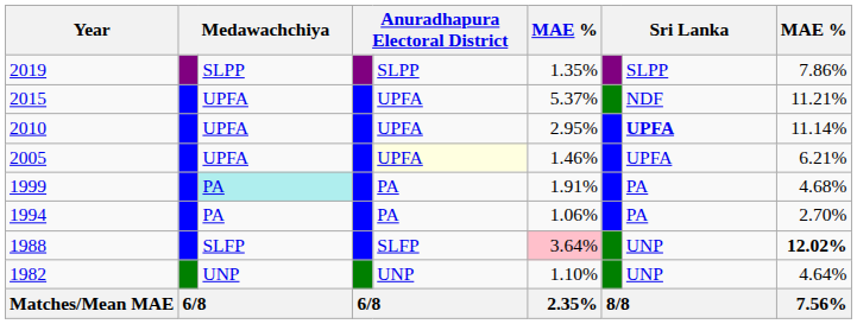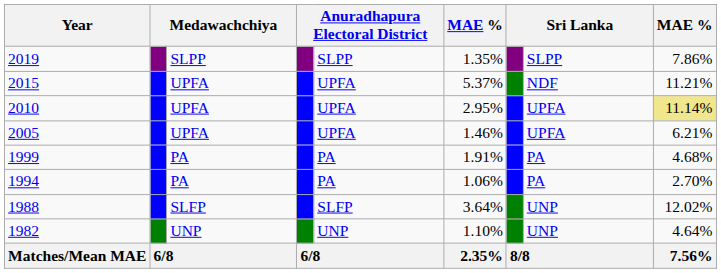 <table class="wikitable">
 <tr>
 <th>Year</th>
 <th colspan="2" width="144px">Medawachchiya</th>
 <th colspan="2" width="144px"><a href='#'>Anuradhapura Electoral District</a></th>
 <th><a href='#'>MAE</a> %</th>
 <th colspan="2" width="144px">Sri Lanka</th>
 <th>MAE %</th>
 </tr>
 <tr>
 <td><a href='#'>2019</a></td>
 <td style="background-color:purple;" width="10px"></td>
 <td style="text-align:left;"><a href='#'>SLPP</a></td>
 <td style="background-color:purple;" width="10px"></td>
 <td style="text-align:left;"><a href='#'>SLPP</a></td>
 <td style="text-align:right;">1.35%</td>
 <td style="background-color:purple;" width="10px"></td>
 <td style="text-align:left;"><a href='#'>SLPP</a></td>
 <td style="text-align:right;">7.86%</td>
 </tr>
 <tr>
 <td><a href='#'>2015</a></td>
 <td style="background-color:blue;" width="10px"></td>
 <td style="text-align:left;"><a href='#'>UPFA</a></td>
 <td style="background-color:blue;" width="10px"></td>
 <td style="text-align:left;"><a href='#'>UPFA</a></td>
 <td style="text-align:right;">5.37%</td>
 <td style="background-color:green;" width="10px"></td>
 <td style="text-align:left;"><a href='#'>NDF</a></td>
 <td style="text-align:right;">11.21%</td>
 </tr>
 <tr>
 <td><a href='#'>2010</a></td>
 <td style="background-color:blue;" width="10px"></td>
 <td style="text-align:left;"><a href='#'>UPFA</a></td>
 <td style="background-color:blue;" width="10px"></td>
 <td style="text-align:left;"><a href='#'>UPFA</a></td>
 <td style="text-align:right;">2.95%</td>
 <td style="background-color:blue;" width="10px"></td>
-<td style="text-align:left;"><strong><a href='#'>UPFA</a></strong></td>
-<td style="text-align:right;">11.14%</td>
+<td style="text-align:left;"><a href='#'>UPFA</a></td>
+<td style="background: khaki; text-align:right;">11.14%</td>
 </tr>
 <tr>
 <td><a href='#'>2005</a></td>
 <td style="background-color:blue;" width="10px"></td>
 <td style="text-align:left;"><a href='#'>UPFA</a></td>
 <td style="background-color:blue;" width="10px"></td>
-<td style="background: lightyellow; text-align:left;"><a href='#'>UPFA</a></td>
+<td style="text-align:left;"><a href='#'>UPFA</a></td>
 <td style="text-align:right;">1.46%</td>
 <td style="background-color:blue;" width="10px"></td>
 <td style="text-align:left;"><a href='#'>UPFA</a></td>
 <td style="text-align:right;">6.21%</td>
 </tr>
 <tr>
 <td><a href='#'>1999</a></td>
 <td style="background-color:blue;" width="10px"></td>
-<td style="background: paleturquoise; text-align:left;"><a href='#'>PA</a></td>
+<td style="text-align:left;"><a href='#'>PA</a></td>
 <td style="background-color:blue;" width="10px"></td>
 <td style="text-align:left;"><a href='#'>PA</a></td>
 <td style="text-align:right;">1.91%</td>
 <td style="background-color:blue;" width="10px"></td>
 <td style="text-align:left;"><a href='#'>PA</a></td>
 <td style="text-align:right;">4.68%</td>
 </tr>
 <tr>
 <td><a href='#'>1994</a></td>
 <td style="background-color:blue;" width="10px"></td>
 <td style="text-align:left;"><a href='#'>PA</a></td>
 <td style="background-color:blue;" width="10px"></td>
 <td style="text-align:left;"><a href='#'>PA</a></td>
 <td style="text-align:right;">1.06%</td>
 <td style="background-color:blue;" width="10px"></td>
 <td style="text-align:left;"><a href='#'>PA</a></td>
 <td style="text-align:right;">2.70%</td>
 </tr>
 <tr>
 <td><a href='#'>1988</a></td>
 <td style="background-color:blue;" width="10px"></td>
 <td style="text-align:left;"><a href='#'>SLFP</a></td>
 <td style="background-color:blue;" width="10px"></td>
 <td style="text-align:left;"><a href='#'>SLFP</a></td>
-<td style="background: pink; text-align:right;">3.64%</td>
+<td style="text-align:right;">3.64%</td>
 <td style="background-color:green;" width="10px"></td>
 <td style="text-align:left;"><a href='#'>UNP</a></td>
-<td style="text-align:right;"><strong>12.02%</strong></td>
+<td style="text-align:right;">12.02%</td>
 </tr>
 <tr>
 <td><a href='#'>1982</a></td>
 <td style="background-color:green;" width="10px"></td>
 <td style="text-align:left;"><a href='#'>UNP</a></td>
 <td style="background-color:green;" width="10px"></td>
 <td style="text-align:left;"><a href='#'>UNP</a></td>
 <td style="text-align:right;">1.10%</td>
 <td style="background-color:green;" width="10px"></td>
 <td style="text-align:left;"><a href='#'>UNP</a></td>
 <td style="text-align:right;">4.64%</td>
 </tr>
 <tr>
 <th>Matches/Mean MAE</th>
 <th style="text-align:left;"colspan="2" width="144px">6/8</th>
 <th style="text-align:left;"colspan="2" width="144px">6/8</th>
 <th style="text-align:right;">2.35%</th>
 <th style="text-align:left;"colspan="2" width="144px">8/8</th>
 <th style="text-align:right;">7.56%</th>
 </tr>
 </table>
